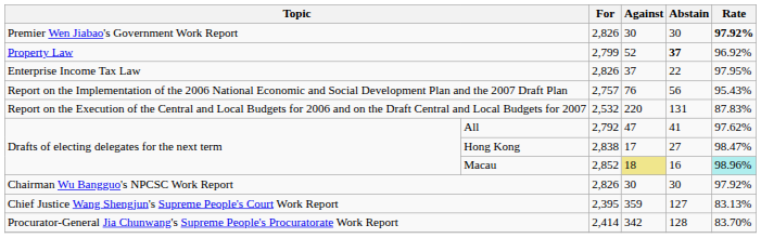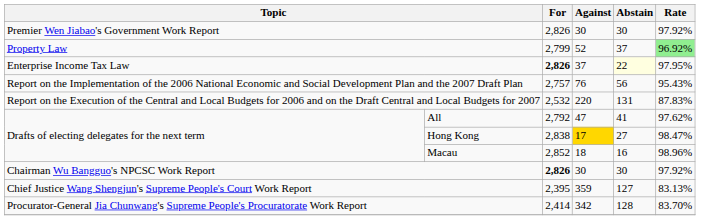 <table class="wikitable">
 <tr>
 <th colspan="2">Topic</th>
 <th>For</th>
 <th>Against</th>
 <th>Abstain</th>
 <th>Rate</th>
 </tr>
 <tr>
 <td colspan="2">Premier <a href='#'>Wen Jiabao</a>'s Government Work Report</td>
 <td>2,826</td>
 <td>30</td>
 <td>30</td>
-<td><strong>97.92%</strong></td>
+<td>97.92%</td>
 </tr>
 <tr>
 <td colspan="2"><a href='#'>Property Law</a></td>
 <td>2,799</td>
 <td>52</td>
-<td><strong>37</strong></td>
-<td>96.92%</td>
+<td>37</td>
+<td style="background: lightgreen;">96.92%</td>
 </tr>
 <tr>
 <td colspan="2">Enterprise Income Tax Law</td>
-<td>2,826</td>
+<td><strong>2,826</strong></td>
 <td>37</td>
-<td>22</td>
+<td style="background: lightyellow;">22</td>
 <td>97.95%</td>
 </tr>
 <tr>
 <td colspan="2">Report on the Implementation of the 2006 National Economic and Social Development Plan and the 2007 Draft Plan</td>
 <td>2,757</td>
 <td>76</td>
 <td>56</td>
 <td>95.43%</td>
 </tr>
 <tr>
 <td colspan="2">Report on the Execution of the Central and Local Budgets for 2006 and on the Draft Central and Local Budgets for 2007</td>
 <td>2,532</td>
 <td>220</td>
 <td>131</td>
 <td>87.83%</td>
 </tr>
 <tr>
 <td rowspan="3">Drafts of electing delegates for the next term</td>
 <td>All</td>
 <td>2,792</td>
 <td>47</td>
 <td>41</td>
 <td>97.62%</td>
 </tr>
 <tr>
 <td>Hong Kong</td>
 <td>2,838</td>
-<td>17</td>
+<td style="background: gold;">17</td>
 <td>27</td>
 <td>98.47%</td>
 </tr>
 <tr>
 <td>Macau</td>
 <td>2,852</td>
-<td style="background: khaki;">18</td>
+<td>18</td>
 <td>16</td>
-<td style="background: paleturquoise;">98.96%</td>
+<td>98.96%</td>
 </tr>
 <tr>
 <td colspan="2">Chairman <a href='#'>Wu Bangguo</a>'s NPCSC Work Report</td>
-<td>2,826</td>
+<td><strong>2,826</strong></td>
 <td>30</td>
 <td>30</td>
 <td>97.92%</td>
 </tr>
 <tr>
 <td colspan="2">Chief Justice <a href='#'>Wang Shengjun</a>'s <a href='#'>Supreme People's Court</a> Work Report</td>
 <td>2,395</td>
 <td>359</td>
 <td>127</td>
 <td>83.13%</td>
 </tr>
 <tr>
 <td colspan="2">Procurator-General <a href='#'>Jia Chunwang</a>'s <a href='#'>Supreme People's Procuratorate</a> Work Report</td>
 <td>2,414</td>
 <td>342</td>
 <td>128</td>
 <td>83.70%</td>
 </tr>
 <tr>
 </tr>
 </table>
